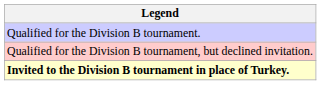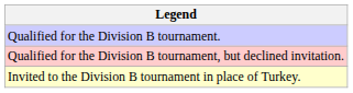 <table class="wikitable">
 <tr>
 <th>Legend</th>
 </tr>
 <tr bgcolor=ccccff>
 <td>Qualified for the Division B tournament.</td>
 </tr>
 <tr bgcolor=ffcccc>
 <td>Qualified for the Division B tournament, but declined invitation.</td>
 </tr>
 <tr bgcolor=ffffcc>
-<td><strong>Invited to the Division B tournament in place of Turkey.</strong></td>
+<td>Invited to the Division B tournament in place of Turkey.</td>
 </tr>
 </table>
